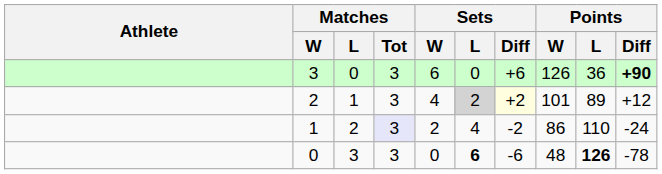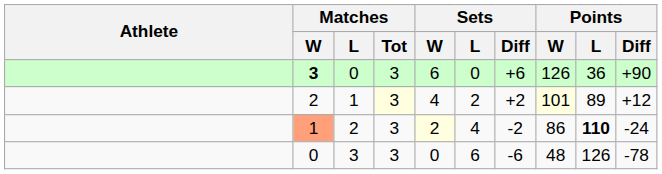 <table class=wikitable style="text-align:center">
 <tr>
 <th rowspan=2 width=260>Athlete</th>
 <th colspan=3 width=90>Matches</th>
 <th colspan=3 width=90>Sets</th>
 <th colspan=3 width=90>Points</th>
 </tr>
 <tr>
 <th width=30>W</th>
 <th width=30>L</th>
 <th width=30>Tot</th>
 <th width=30>W</th>
 <th width=30>L</th>
 <th width=30>Diff</th>
 <th width=30>W</th>
 <th width=30>L</th>
 <th width=30>Diff</th>
 </tr>
 <tr bgcolor=ccffcc>
 <td style="text-align:left"></td>
-<td>3</td>
+<td><strong>3</strong></td>
 <td>0</td>
 <td>3</td>
 <td>6</td>
 <td>0</td>
 <td>+6</td>
 <td>126</td>
 <td>36</td>
-<td><strong>+90</strong></td>
+<td>+90</td>
 </tr>
 <tr>
 <td style="text-align:left"></td>
 <td>2</td>
 <td>1</td>
-<td>3</td>
+<td style="background: lightyellow;">3</td>
 <td>4</td>
-<td style="background: lightgrey;">2</td>
-<td style="background: lightyellow;">+2</td>
-<td>101</td>
+<td>2</td>
+<td>+2</td>
+<td style="background: lightyellow;">101</td>
 <td>89</td>
 <td>+12</td>
 </tr>
 <tr>
 <td style="text-align:left"></td>
-<td>1</td>
+<td style="background: lightsalmon;">1</td>
 <td>2</td>
-<td style="background: lavender;">3</td>
-<td>2</td>
+<td>3</td>
+<td style="background: lightyellow;">2</td>
 <td>4</td>
 <td>-2</td>
 <td>86</td>
-<td>110</td>
+<td><strong>110</strong></td>
 <td>-24</td>
 </tr>
 <tr>
 <td style="text-align:left"></td>
 <td>0</td>
 <td>3</td>
 <td>3</td>
 <td>0</td>
-<td><strong>6</strong></td>
+<td>6</td>
 <td>-6</td>
 <td>48</td>
-<td><strong>126</strong></td>
+<td>126</td>
 <td>-78</td>
 </tr>
 </table>
